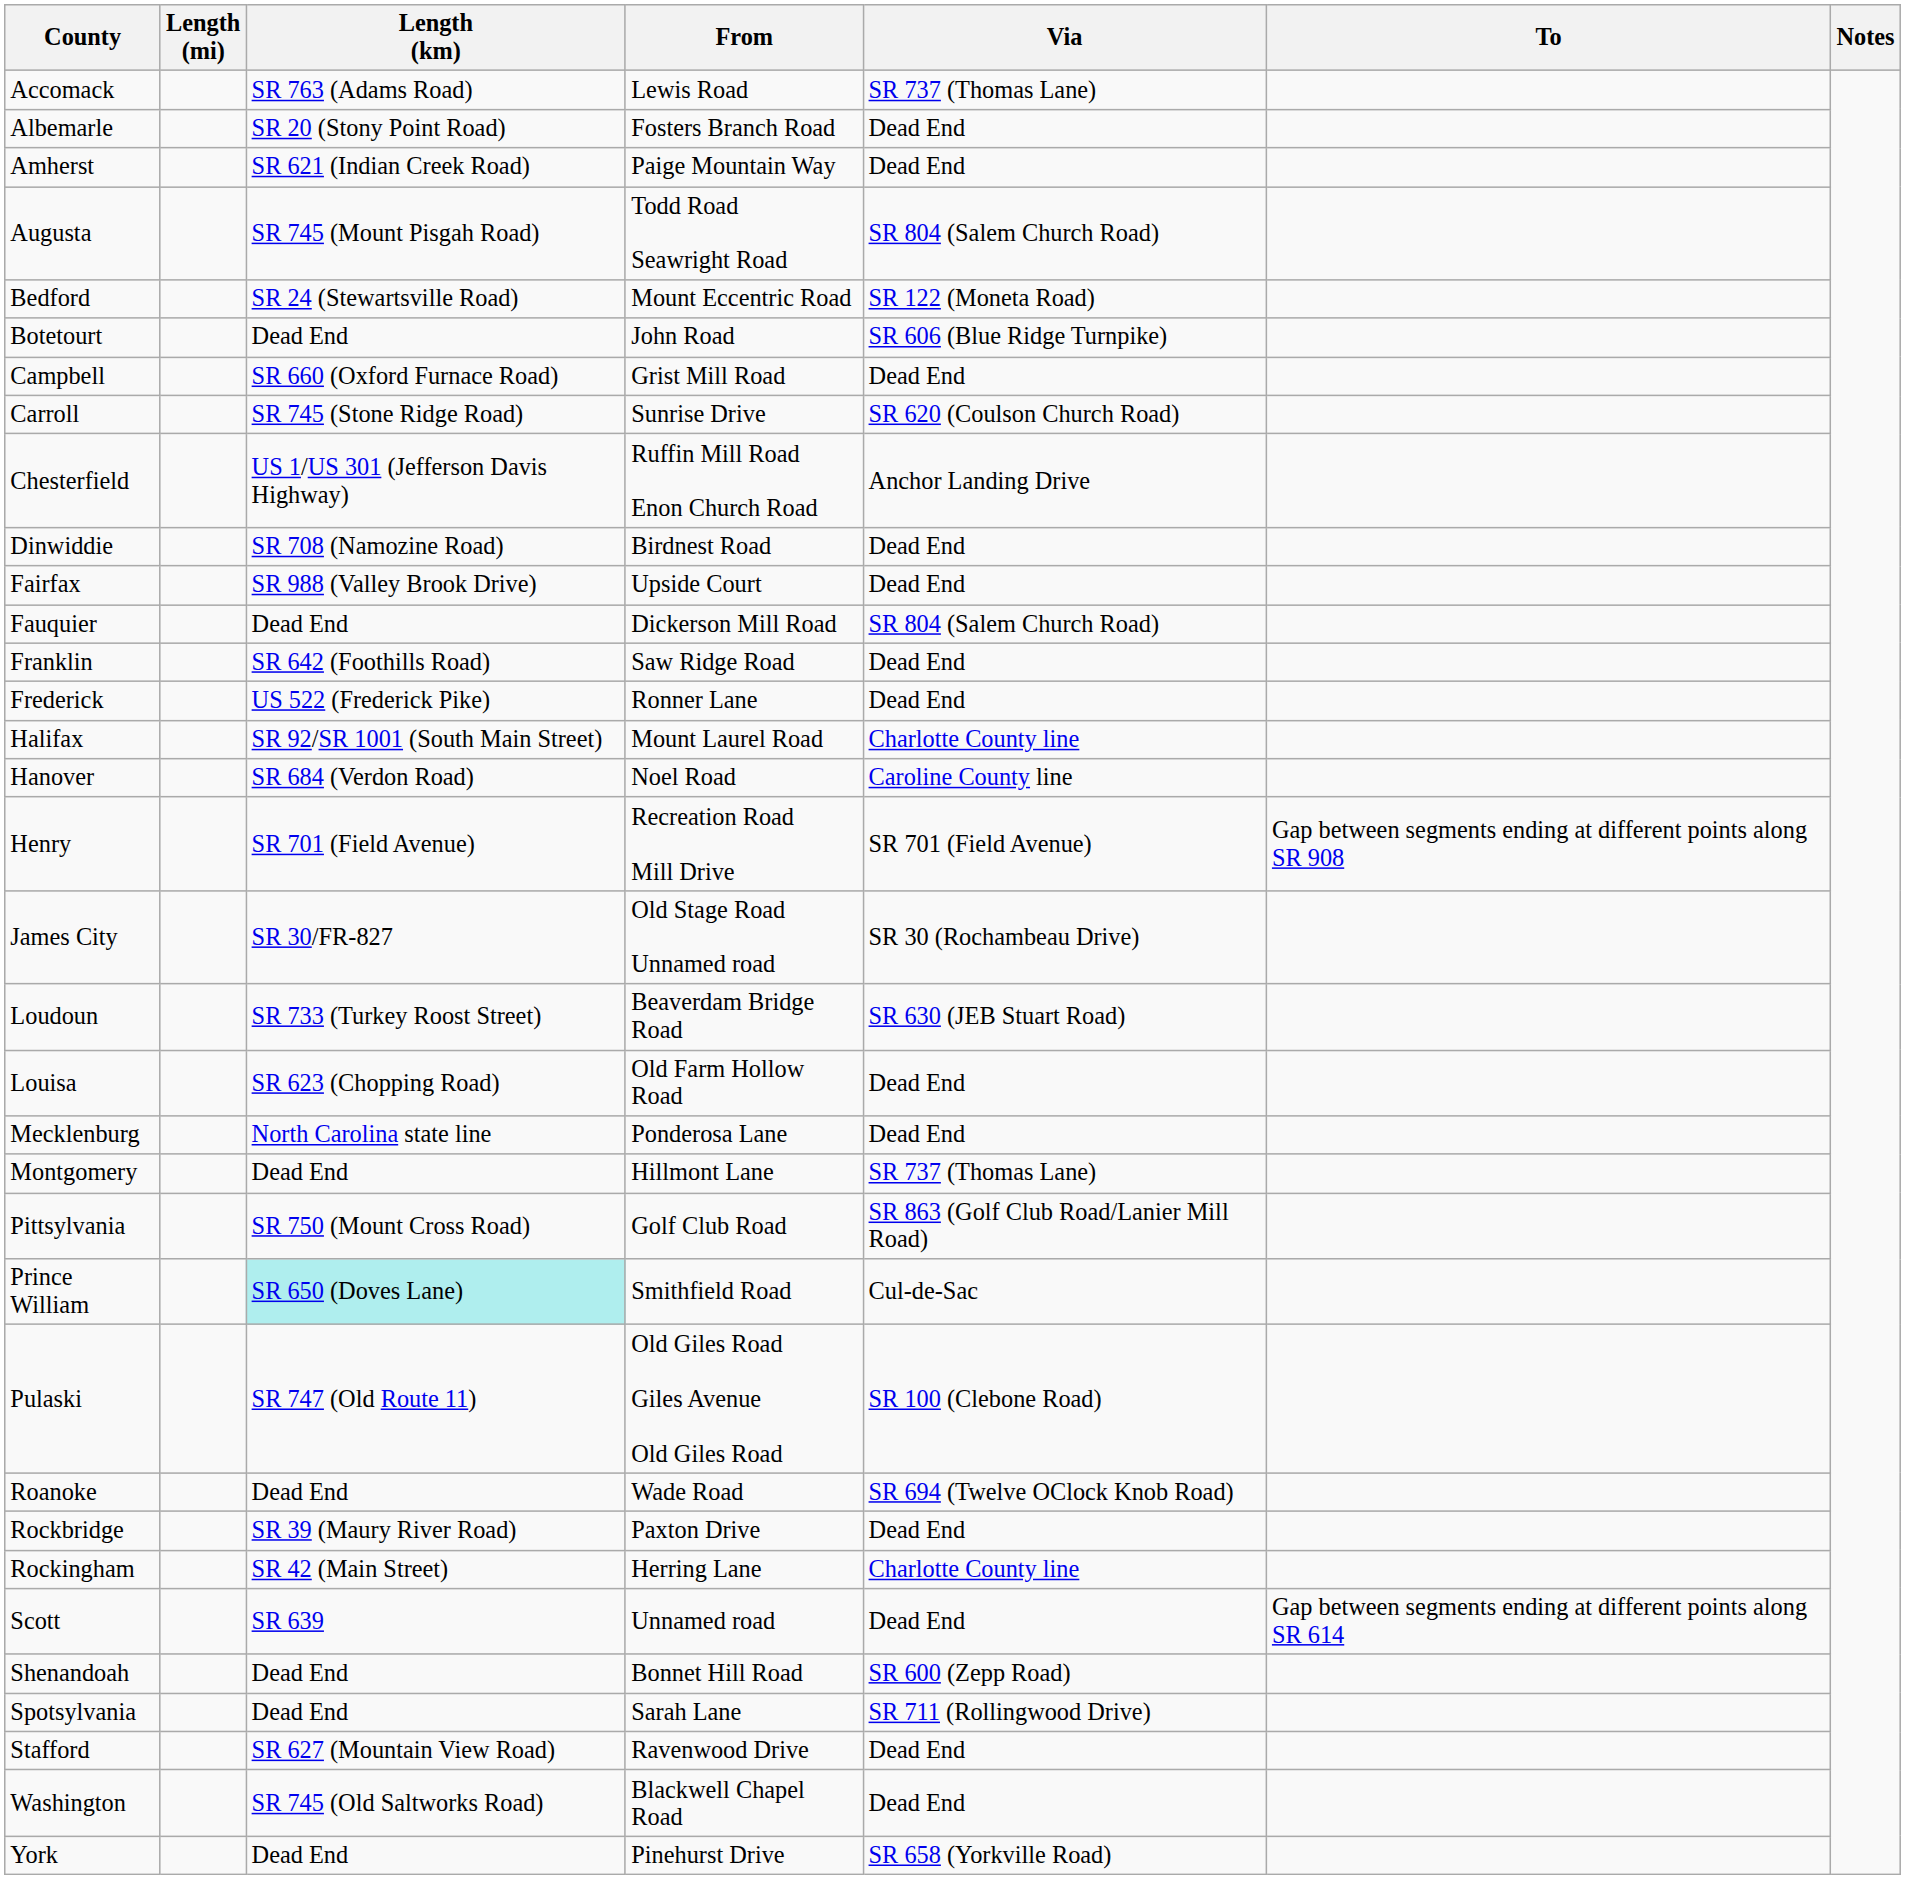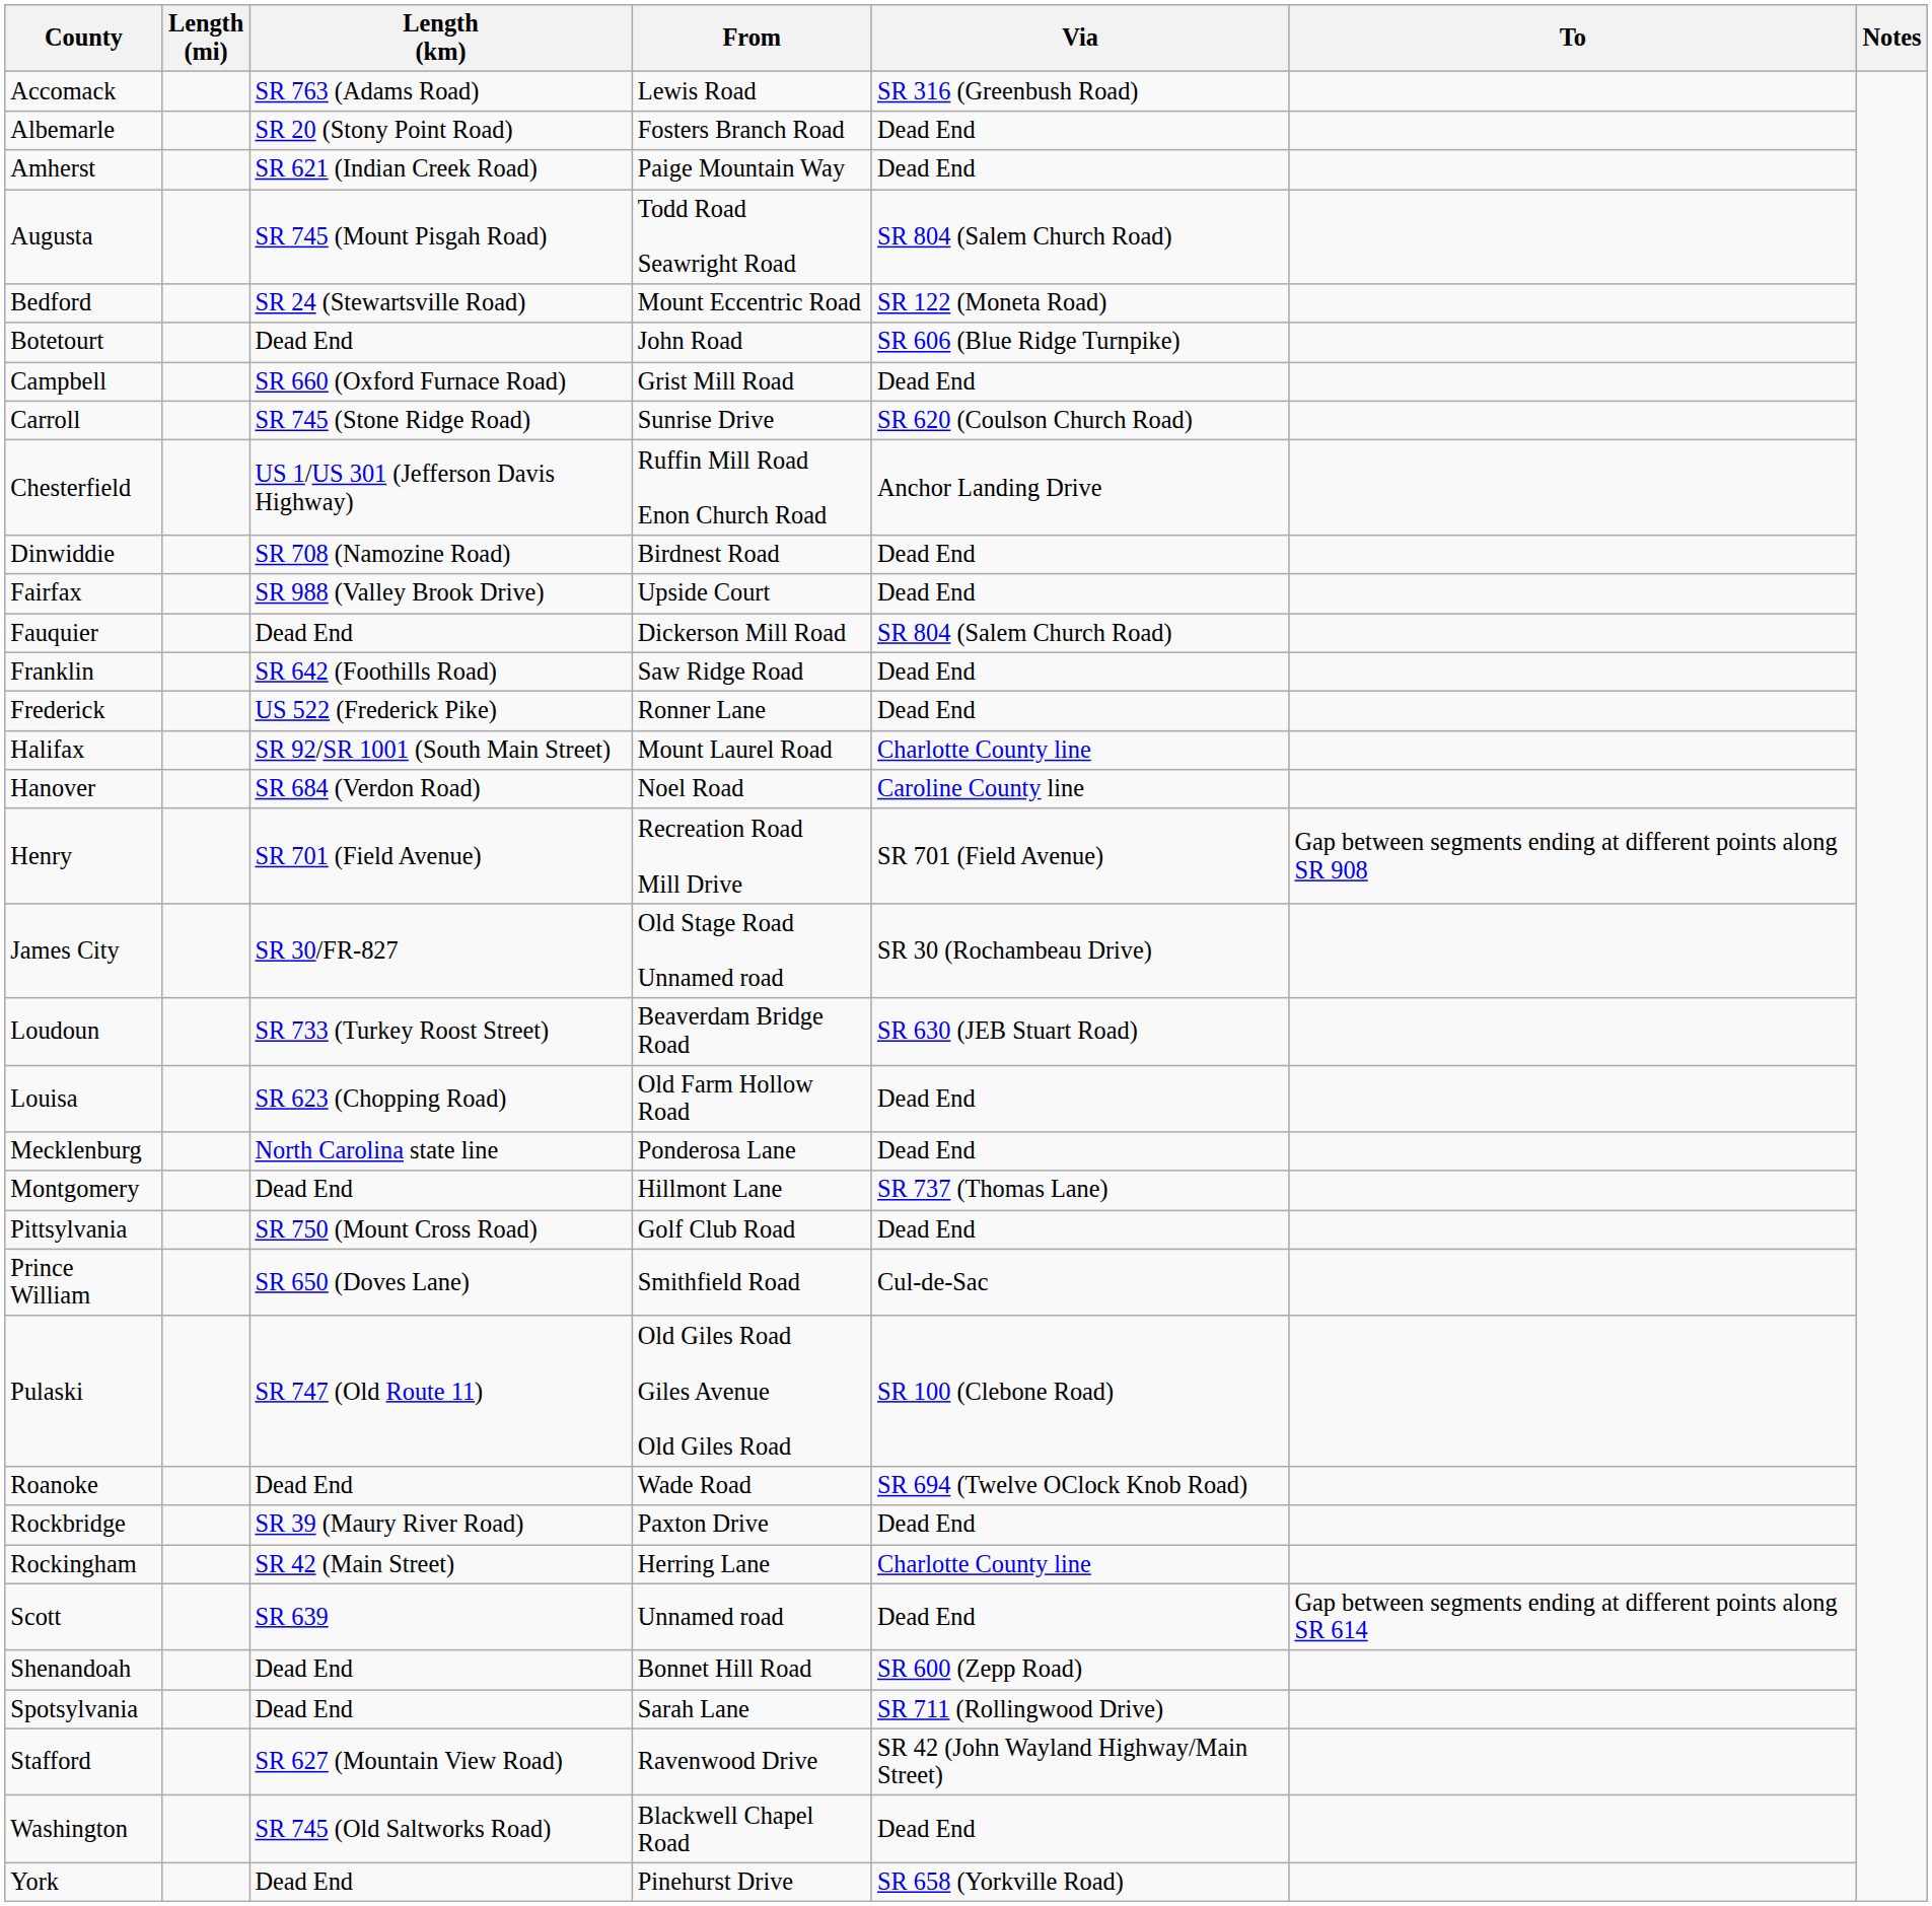 <table class="wikitable sortable">
 <tr>
 <th>County</th>
 <th>Length<br>(mi)</th>
 <th>Length<br>(km)</th>
 <th class="unsortable">From</th>
 <th class="unsortable">Via</th>
 <th class="unsortable">To</th>
 <th class="unsortable">Notes</th>
 </tr>
 <tr>
 <td id="Accomack">Accomack</td>
 <td></td>
 <td><a href='#'>SR 763</a> (Adams Road)</td>
 <td>Lewis Road</td>
-<td><a href='#'>SR 737</a> (Thomas Lane)</td>
+<td><a href='#'>SR 316</a> (Greenbush Road)</td>
 <td></td>
 </tr>
 <tr>
 <td id="Albemarle">Albemarle</td>
 <td></td>
 <td><a href='#'>SR 20</a> (Stony Point Road)</td>
 <td>Fosters Branch Road</td>
 <td>Dead End</td>
 <td><br> </td>
 </tr>
 <tr>
 <td id="Amherst">Amherst</td>
 <td></td>
 <td><a href='#'>SR 621</a> (Indian Creek Road)</td>
 <td>Paige Mountain Way</td>
 <td>Dead End</td>
 <td><br> </td>
 </tr>
 <tr>
 <td id="Augusta">Augusta</td>
 <td></td>
 <td><a href='#'>SR 745</a> (Mount Pisgah Road)</td>
 <td>Todd Road<br><br>Seawright Road</td>
 <td><a href='#'>SR 804</a> (Salem Church Road)</td>
 <td><br></td>
 </tr>
 <tr>
 <td id="Bedford">Bedford</td>
 <td></td>
 <td><a href='#'>SR 24</a> (Stewartsville Road)</td>
 <td>Mount Eccentric Road</td>
 <td><a href='#'>SR 122</a> (Moneta Road)</td>
 <td><br></td>
 </tr>
 <tr>
 <td id="Botetourt">Botetourt</td>
 <td></td>
 <td>Dead End</td>
 <td>John Road</td>
 <td><a href='#'>SR 606</a> (Blue Ridge Turnpike)</td>
 <td><br>  </td>
 </tr>
 <tr>
 <td id="Campbell">Campbell</td>
 <td></td>
 <td><a href='#'>SR 660</a> (Oxford Furnace Road)</td>
 <td>Grist Mill Road</td>
 <td>Dead End</td>
 <td><br></td>
 </tr>
 <tr>
 <td id="Carroll">Carroll</td>
 <td></td>
 <td><a href='#'>SR 745</a> (Stone Ridge Road)</td>
 <td>Sunrise Drive</td>
 <td><a href='#'>SR 620</a> (Coulson Church Road)</td>
 <td><br> </td>
 </tr>
 <tr>
 <td id="Chesterfield">Chesterfield</td>
 <td></td>
 <td><a href='#'>US 1</a>/<a href='#'>US 301</a> (Jefferson Davis Highway)</td>
 <td>Ruffin Mill Road<br><br>Enon Church Road</td>
 <td>Anchor Landing Drive</td>
 <td><br>    </td>
 </tr>
 <tr>
 <td id="Dinwiddie">Dinwiddie</td>
 <td></td>
 <td><a href='#'>SR 708</a> (Namozine Road)</td>
 <td>Birdnest Road</td>
 <td>Dead End</td>
 <td><br></td>
 </tr>
 <tr>
 <td id="Fairfax">Fairfax</td>
 <td></td>
 <td><a href='#'>SR 988</a> (Valley Brook Drive)</td>
 <td>Upside Court</td>
 <td>Dead End</td>
 <td></td>
 </tr>
 <tr>
 <td id="Fauquier">Fauquier</td>
 <td></td>
 <td>Dead End</td>
 <td>Dickerson Mill Road</td>
 <td><a href='#'>SR 804</a> (Salem Church Road)</td>
 <td><br> </td>
 </tr>
 <tr>
 <td id="Franklin">Franklin</td>
 <td></td>
 <td><a href='#'>SR 642</a> (Foothills Road)</td>
 <td>Saw Ridge Road</td>
 <td>Dead End</td>
 <td></td>
 </tr>
 <tr>
 <td id="Frederick">Frederick</td>
 <td></td>
 <td><a href='#'>US 522</a> (Frederick Pike)</td>
 <td>Ronner Lane</td>
 <td>Dead End</td>
 <td><br>     </td>
 </tr>
 <tr>
 <td id="Halifax">Halifax</td>
 <td></td>
 <td><a href='#'>SR 92</a>/<a href='#'>SR 1001</a> (South Main Street)</td>
 <td>Mount Laurel Road</td>
 <td><a href='#'>Charlotte County line</a></td>
 <td></td>
 </tr>
 <tr>
 <td id="Hanover">Hanover</td>
 <td></td>
 <td><a href='#'>SR 684</a> (Verdon Road)</td>
 <td>Noel Road</td>
 <td><a href='#'>Caroline County</a> line</td>
 <td><br></td>
 </tr>
 <tr>
 <td id="Henry">Henry</td>
 <td></td>
 <td><a href='#'>SR 701</a> (Field Avenue)</td>
 <td>Recreation Road<br><br>Mill Drive</td>
 <td>SR 701 (Field Avenue)</td>
 <td>Gap between segments ending at different points along <a href='#'>SR 908</a><br> </td>
 </tr>
 <tr>
 <td id="James City">James City</td>
 <td></td>
 <td><a href='#'>SR 30</a>/FR-827</td>
 <td>Old Stage Road<br><br>Unnamed road</td>
 <td>SR 30 (Rochambeau Drive)</td>
 <td><br>    </td>
 </tr>
 <tr>
 <td id="Loudoun">Loudoun</td>
 <td></td>
 <td><a href='#'>SR 733</a> (Turkey Roost Street)</td>
 <td>Beaverdam Bridge Road</td>
 <td><a href='#'>SR 630</a> (JEB Stuart Road)</td>
 <td></td>
 </tr>
 <tr>
 <td id="Louisa">Louisa</td>
 <td></td>
 <td><a href='#'>SR 623</a> (Chopping Road)</td>
 <td>Old Farm Hollow Road</td>
 <td>Dead End</td>
 <td><br>  </td>
 </tr>
 <tr>
 <td id="Mecklenburg">Mecklenburg</td>
 <td></td>
 <td><a href='#'>North Carolina</a> state line</td>
 <td>Ponderosa Lane</td>
 <td>Dead End</td>
 <td><br></td>
 </tr>
 <tr>
 <td id="Montgomery">Montgomery</td>
 <td></td>
 <td>Dead End</td>
 <td>Hillmont Lane</td>
 <td><a href='#'>SR 737</a> (Thomas Lane)</td>
 <td><br>       </td>
 </tr>
 <tr>
 <td id="Pittsylvania">Pittsylvania</td>
 <td></td>
 <td><a href='#'>SR 750</a> (Mount Cross Road)</td>
 <td>Golf Club Road</td>
-<td><a href='#'>SR 863</a> (Golf Club Road/Lanier Mill Road)</td>
+<td>Dead End</td>
 <td><br>  </td>
 </tr>
 <tr>
 <td id="Prince William">Prince William</td>
 <td></td>
-<td style="background: paleturquoise;"><a href='#'>SR 650</a> (Doves Lane)</td>
+<td><a href='#'>SR 650</a> (Doves Lane)</td>
 <td>Smithfield Road</td>
 <td>Cul-de-Sac</td>
 <td></td>
 </tr>
 <tr>
 <td id="Pulaski">Pulaski</td>
 <td></td>
 <td><a href='#'>SR 747</a> (Old <a href='#'>Route 11</a>)</td>
 <td>Old Giles Road<br><br>Giles Avenue<br><br>Old Giles Road</td>
 <td><a href='#'>SR 100</a> (Clebone Road)</td>
 <td><br> </td>
 </tr>
 <tr>
 <td id="Roanoke">Roanoke</td>
 <td></td>
 <td>Dead End</td>
 <td>Wade Road</td>
 <td><a href='#'>SR 694</a> (Twelve OClock Knob Road)</td>
 <td></td>
 </tr>
 <tr>
 <td id="Rockbridge">Rockbridge</td>
 <td></td>
 <td><a href='#'>SR 39</a> (Maury River Road)</td>
 <td>Paxton Drive</td>
 <td>Dead End</td>
 <td></td>
 </tr>
 <tr>
 <td id="Rockingham">Rockingham</td>
 <td></td>
 <td><a href='#'>SR 42</a> (Main Street)</td>
 <td>Herring Lane</td>
 <td><a href='#'>Charlotte County line</a></td>
 <td><br></td>
 </tr>
 <tr>
 <td id="Scott">Scott</td>
 <td></td>
 <td><a href='#'>SR 639</a></td>
 <td>Unnamed road</td>
 <td>Dead End</td>
 <td>Gap between segments ending at different points along <a href='#'>SR 614</a></td>
 </tr>
 <tr>
 <td id="Shenandoah">Shenandoah</td>
 <td></td>
 <td>Dead End</td>
 <td>Bonnet Hill Road</td>
 <td><a href='#'>SR 600</a> (Zepp Road)</td>
 <td><br> </td>
 </tr>
 <tr>
 <td id="Spotsylvania">Spotsylvania</td>
 <td></td>
 <td>Dead End</td>
 <td>Sarah Lane</td>
 <td><a href='#'>SR 711</a> (Rollingwood Drive)</td>
 <td></td>
 </tr>
 <tr>
 <td id="Stafford">Stafford</td>
 <td></td>
 <td><a href='#'>SR 627</a> (Mountain View Road)</td>
 <td>Ravenwood Drive</td>
-<td>Dead End</td>
+<td>SR 42 (John Wayland Highway/Main Street)</td>
 <td><br>   </td>
 </tr>
 <tr>
 <td id="Washington">Washington</td>
 <td></td>
 <td><a href='#'>SR 745</a> (Old Saltworks Road)</td>
 <td>Blackwell Chapel Road</td>
 <td>Dead End</td>
 <td><br>  </td>
 </tr>
 <tr>
 <td id="York">York</td>
 <td></td>
 <td>Dead End</td>
 <td>Pinehurst Drive</td>
 <td><a href='#'>SR 658</a> (Yorkville Road)</td>
 <td></td>
 </tr>
 </table>
